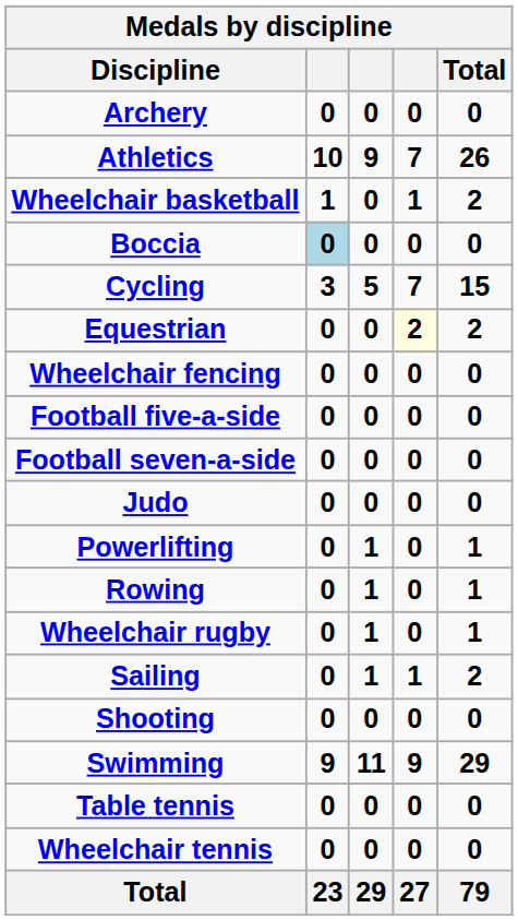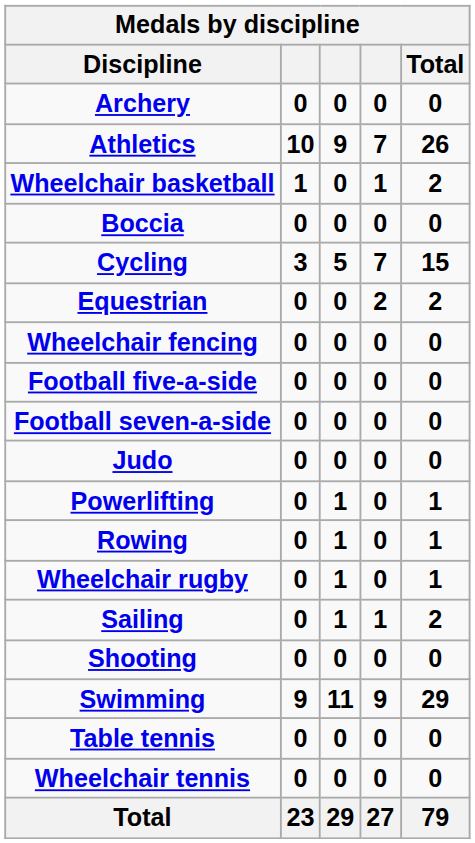 <table class="wikitable" style="font-size:85%" align="right">
 <tr bgcolor="#efefef">
 <th colspan=6>Medals by discipline</th>
 </tr>
 <tr style="text-align:center;">
 <th>Discipline</th>
 <th></th>
 <th></th>
 <th></th>
 <th>Total</th>
 </tr>
 <tr style="text-align:center; font-weight:bold;">
 <td><a href='#'>Archery</a></td>
 <td>0</td>
 <td>0</td>
 <td>0</td>
 <td>0</td>
 </tr>
 <tr style="text-align:center; font-weight:bold;">
 <td><a href='#'>Athletics</a></td>
 <td>10</td>
 <td>9</td>
 <td>7</td>
 <td>26</td>
 </tr>
 <tr style="text-align:center; font-weight:bold;">
 <td><a href='#'>Wheelchair basketball</a></td>
 <td>1</td>
 <td>0</td>
 <td>1</td>
 <td>2</td>
 </tr>
 <tr style="text-align:center; font-weight:bold;">
 <td><a href='#'>Boccia</a></td>
-<td style="background: lightblue;">0</td>
+<td>0</td>
 <td>0</td>
 <td>0</td>
 <td>0</td>
 </tr>
 <tr style="text-align:center; font-weight:bold;">
 <td><a href='#'>Cycling</a></td>
 <td>3</td>
 <td>5</td>
 <td>7</td>
 <td>15</td>
 </tr>
 <tr style="text-align:center; font-weight:bold;">
 <td><a href='#'>Equestrian</a></td>
 <td>0</td>
 <td>0</td>
-<td style="background: lightyellow;">2</td>
+<td>2</td>
 <td>2</td>
 </tr>
 <tr style="text-align:center; font-weight:bold;">
 <td><a href='#'>Wheelchair fencing</a></td>
 <td>0</td>
 <td>0</td>
 <td>0</td>
 <td>0</td>
 </tr>
 <tr style="text-align:center; font-weight:bold;">
 <td><a href='#'>Football five-a-side</a></td>
 <td>0</td>
 <td>0</td>
 <td>0</td>
 <td>0</td>
 </tr>
 <tr style="text-align:center; font-weight:bold;">
 <td><a href='#'>Football seven-a-side</a></td>
 <td>0</td>
 <td>0</td>
 <td>0</td>
 <td>0</td>
 </tr>
 <tr style="text-align:center; font-weight:bold;">
 <td><a href='#'>Judo</a></td>
 <td>0</td>
 <td>0</td>
 <td>0</td>
 <td>0</td>
 </tr>
 <tr style="text-align:center; font-weight:bold;">
 <td><a href='#'>Powerlifting</a></td>
 <td>0</td>
 <td>1</td>
 <td>0</td>
 <td>1</td>
 </tr>
 <tr style="text-align:center; font-weight:bold;">
 <td><a href='#'>Rowing</a></td>
 <td>0</td>
 <td>1</td>
 <td>0</td>
 <td>1</td>
 </tr>
 <tr style="text-align:center; font-weight:bold;">
 <td><a href='#'>Wheelchair rugby</a></td>
 <td>0</td>
 <td>1</td>
 <td>0</td>
 <td>1</td>
 </tr>
 <tr style="text-align:center; font-weight:bold;">
 <td><a href='#'>Sailing</a></td>
 <td>0</td>
 <td>1</td>
 <td>1</td>
 <td>2</td>
 </tr>
 <tr style="text-align:center; font-weight:bold;">
 <td><a href='#'>Shooting</a></td>
 <td>0</td>
 <td>0</td>
 <td>0</td>
 <td>0</td>
 </tr>
 <tr style="text-align:center; font-weight:bold;">
 <td><a href='#'>Swimming</a></td>
 <td>9</td>
 <td>11</td>
 <td>9</td>
 <td>29</td>
 </tr>
 <tr style="text-align:center; font-weight:bold;">
 <td><a href='#'>Table tennis</a></td>
 <td>0</td>
 <td>0</td>
 <td>0</td>
 <td>0</td>
 </tr>
 <tr style="text-align:center; font-weight:bold;">
 <td><a href='#'>Wheelchair tennis</a></td>
 <td>0</td>
 <td>0</td>
 <td>0</td>
 <td>0</td>
 </tr>
 <tr style="text-align:center; font-weight:bold;">
 <th>Total</th>
 <th>23</th>
 <th>29</th>
 <th>27</th>
 <th>79</th>
 </tr>
 </table>
